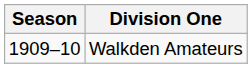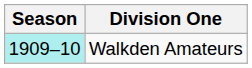 <table class="wikitable" style="text-align: center">
 <tr>
 <th>Season</th>
 <th>Division One</th>
 </tr>
 <tr>
-<td>1909–10</td>
+<td style="background: paleturquoise;">1909–10</td>
 <td>Walkden Amateurs</td>
 </tr>
 </table>
